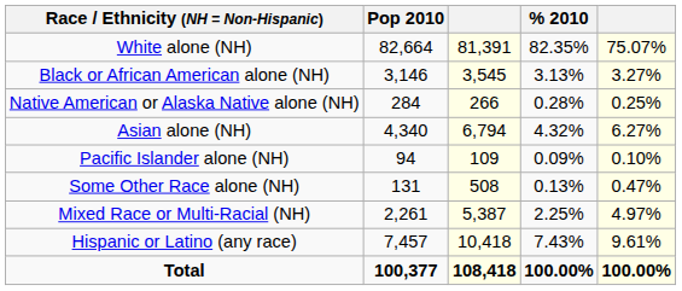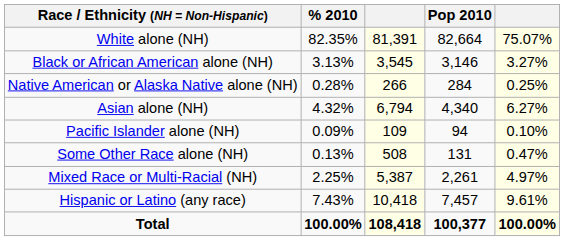 <table class="wikitable" style="text-align:center;">
 <tr>
 <th>Race / Ethnicity <small>(<em>NH = Non-Hispanic</em>)</small></th>
+<th>% 2010</th>
+<th></th>
 <th>Pop 2010</th>
-<th></th>
-<th>% 2010</th>
 <th></th>
 </tr>
 <tr>
 <td><a href='#'>White</a> alone (NH)</td>
+<td>82.35%</td>
+<td style='background: #ffffe6;'>81,391</td>
 <td>82,664</td>
-<td style='background: #ffffe6;'>81,391</td>
-<td>82.35%</td>
 <td style='background: #ffffe6;'>75.07%</td>
 </tr>
 <tr>
 <td><a href='#'>Black or African American</a> alone (NH)</td>
+<td>3.13%</td>
+<td style='background: #ffffe6;'>3,545</td>
 <td>3,146</td>
-<td style='background: #ffffe6;'>3,545</td>
-<td>3.13%</td>
 <td style='background: #ffffe6;'>3.27%</td>
 </tr>
 <tr>
 <td><a href='#'>Native American</a> or <a href='#'>Alaska Native</a> alone (NH)</td>
+<td>0.28%</td>
+<td style='background: #ffffe6;'>266</td>
 <td>284</td>
-<td style='background: #ffffe6;'>266</td>
-<td>0.28%</td>
 <td style='background: #ffffe6;'>0.25%</td>
 </tr>
 <tr>
 <td><a href='#'>Asian</a> alone (NH)</td>
+<td>4.32%</td>
+<td style='background: #ffffe6;'>6,794</td>
 <td>4,340</td>
-<td style='background: #ffffe6;'>6,794</td>
-<td>4.32%</td>
 <td style='background: #ffffe6;'>6.27%</td>
 </tr>
 <tr>
 <td><a href='#'>Pacific Islander</a> alone (NH)</td>
+<td>0.09%</td>
+<td style='background: #ffffe6;'>109</td>
 <td>94</td>
-<td style='background: #ffffe6;'>109</td>
-<td>0.09%</td>
 <td style='background: #ffffe6;'>0.10%</td>
 </tr>
 <tr>
 <td><a href='#'>Some Other Race</a> alone (NH)</td>
+<td>0.13%</td>
+<td style='background: #ffffe6;'>508</td>
 <td>131</td>
-<td style='background: #ffffe6;'>508</td>
-<td>0.13%</td>
 <td style='background: #ffffe6;'>0.47%</td>
 </tr>
 <tr>
 <td><a href='#'>Mixed Race or Multi-Racial</a> (NH)</td>
+<td>2.25%</td>
+<td style='background: #ffffe6;'>5,387</td>
 <td>2,261</td>
-<td style='background: #ffffe6;'>5,387</td>
-<td>2.25%</td>
 <td style='background: #ffffe6;'>4.97%</td>
 </tr>
 <tr>
 <td><a href='#'>Hispanic or Latino</a> (any race)</td>
+<td>7.43%</td>
+<td style='background: #ffffe6;'>10,418</td>
 <td>7,457</td>
-<td style='background: #ffffe6;'>10,418</td>
-<td>7.43%</td>
 <td style='background: #ffffe6;'>9.61%</td>
 </tr>
 <tr>
 <td><strong>Total</strong></td>
+<td><strong>100.00%</strong></td>
+<td style='background: #ffffe6;'><strong>108,418</strong></td>
 <td><strong>100,377</strong></td>
-<td style='background: #ffffe6;'><strong>108,418</strong></td>
-<td><strong>100.00%</strong></td>
 <td style='background: #ffffe6;'><strong>100.00%</strong></td>
 </tr>
 </table>
